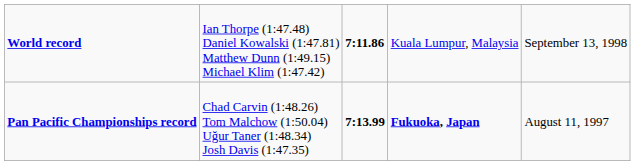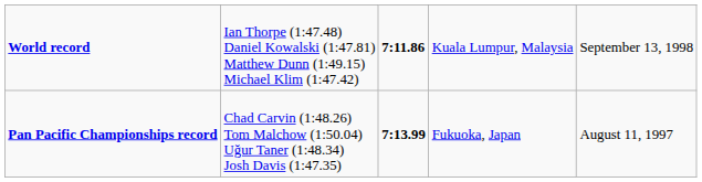 <table class="wikitable">
 <tr>
 <td><strong><a href='#'>World record</a></strong></td>
 <td><br><a href='#'>Ian Thorpe</a> (1:47.48)<br><a href='#'>Daniel Kowalski</a> (1:47.81)<br><a href='#'>Matthew Dunn</a> (1:49.15)<br><a href='#'>Michael Klim</a> (1:47.42)</td>
 <td><strong>7:11.86</strong></td>
 <td><a href='#'>Kuala Lumpur</a>, <a href='#'>Malaysia</a></td>
 <td>September 13, 1998</td>
 </tr>
 <tr>
 <td><strong><a href='#'>Pan Pacific Championships record</a></strong></td>
 <td><br><a href='#'>Chad Carvin</a> (1:48.26)<br><a href='#'>Tom Malchow</a> (1:50.04)<br><a href='#'>Uğur Taner</a> (1:48.34)<br><a href='#'>Josh Davis</a> (1:47.35)</td>
 <td><strong>7:13.99</strong></td>
-<td><strong><a href='#'>Fukuoka</a>, <a href='#'>Japan</a></strong></td>
+<td><a href='#'>Fukuoka</a>, <a href='#'>Japan</a></td>
 <td>August 11, 1997</td>
 </tr>
 </table>
